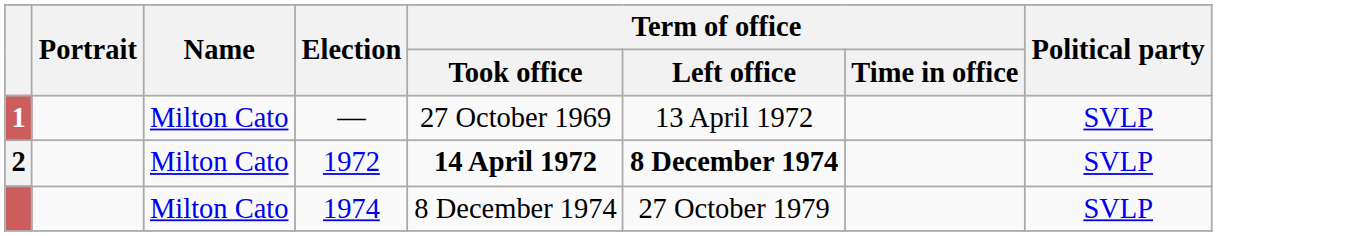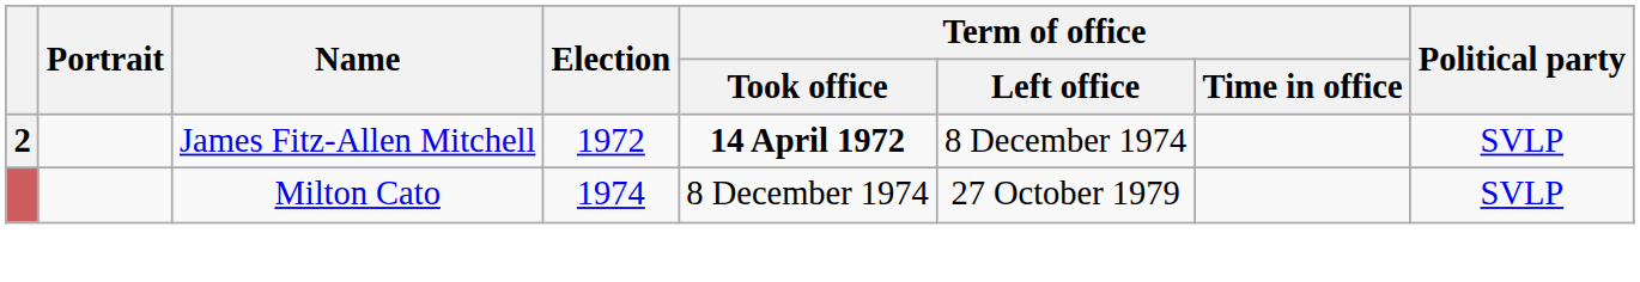 <table class=wikitable style=text-align:center>
 <tr>
 <th rowspan="2"></th>
 <th rowspan="2">Portrait</th>
 <th rowspan="2">Name<br></th>
 <th rowspan="2">Election</th>
 <th colspan="3">Term of office</th>
 <th rowspan="2">Political party</th>
 </tr>
 <tr>
 <th>Took office</th>
 <th>Left office</th>
 <th>Time in office</th>
 </tr>
 <tr>
-<th style="background:#CD5C5C; color:white;">1</th>
-<td></td>
-<td><a href='#'>Milton Cato</a><br></td>
-<td>—</td>
-<td>27 October 1969</td>
-<td>13 April 1972</td>
-<td></td>
-<td><a href='#'>SVLP</a></td>
-</tr>
-<tr>
 <th style="background:">2</th>
 <td></td>
-<td><a href='#'>Milton Cato</a><br></td>
+<td><a href='#'>James Fitz-Allen Mitchell</a><br></td>
 <td><a href='#'>1972</a></td>
 <td><strong>14 April 1972</strong></td>
-<td><strong>8 December 1974</strong></td>
+<td>8 December 1974</td>
 <td></td>
 <td><a href='#'>SVLP</a></td>
 </tr>
 <tr>
 <th style="background:#CD5C5C; color:white;"></th>
 <td></td>
 <td><a href='#'>Milton Cato</a><br></td>
 <td><a href='#'>1974</a></td>
 <td>8 December 1974</td>
 <td>27 October 1979</td>
 <td></td>
 <td><a href='#'>SVLP</a></td>
 </tr>
 </table>
